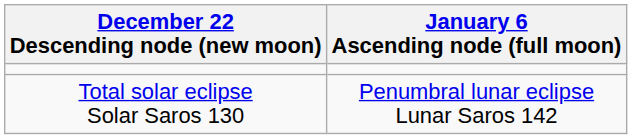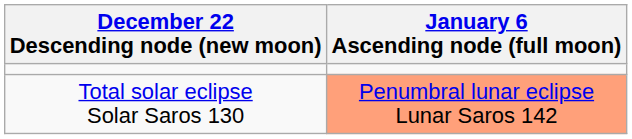 <table class="wikitable">
 <tr>
 <th><a href='#'>December 22</a><br>Descending node (new moon)<br></th>
 <th><a href='#'>January 6</a><br>Ascending node (full moon)<br></th>
 </tr>
 <tr>
 <td></td>
 <td></td>
 </tr>
 <tr align=center>
 <td><a href='#'>Total solar eclipse</a><br>Solar Saros 130</td>
-<td><a href='#'>Penumbral lunar eclipse</a><br>Lunar Saros 142</td>
+<td style="background: lightsalmon;"><a href='#'>Penumbral lunar eclipse</a><br>Lunar Saros 142</td>
 </tr>
 </table>
